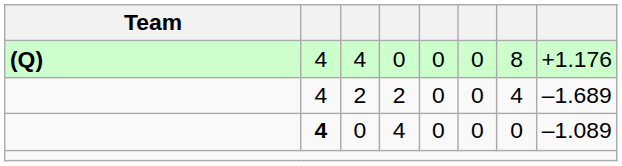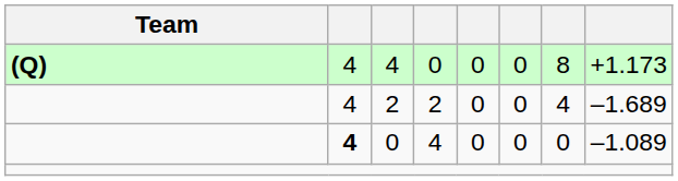 <table class="wikitable" style="text-align:center">
 <tr>
 <th width=200>Team</th>
 <th width=20></th>
 <th width=20></th>
 <th width=20></th>
 <th width=20></th>
 <th width=20></th>
 <th width=20></th>
 <th width=45></th>
 </tr>
 <tr style="background:#cfc;">
 <td align="left"> <strong>(Q)</strong></td>
 <td>4</td>
 <td>4</td>
 <td>0</td>
 <td>0</td>
 <td>0</td>
 <td>8</td>
-<td>+1.176</td>
+<td>+1.173</td>
 </tr>
 <tr>
 <td align="left"></td>
 <td>4</td>
 <td>2</td>
 <td>2</td>
 <td>0</td>
 <td>0</td>
 <td>4</td>
 <td>–1.689</td>
 </tr>
 <tr>
 <td align="left"></td>
 <td><strong>4</strong></td>
 <td>0</td>
 <td>4</td>
 <td>0</td>
 <td>0</td>
 <td>0</td>
 <td>–1.089</td>
 </tr>
 <tr>
 <td colspan=8 align=right></td>
 </tr>
 </table>
